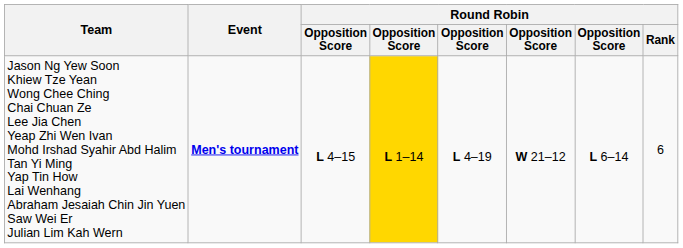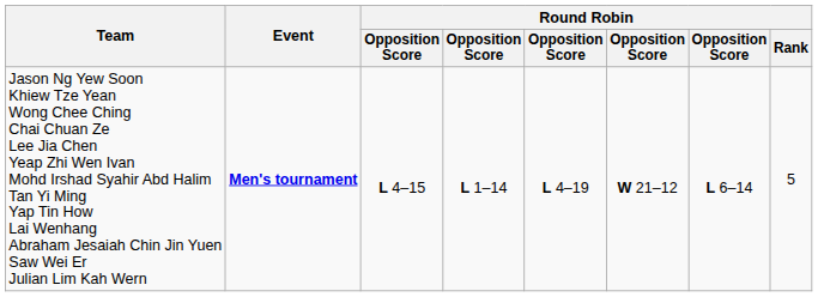 <table class="wikitable" style="font-size:90%">
 <tr>
 <th rowspan=2>Team</th>
 <th rowspan=2>Event</th>
 <th colspan=6>Round Robin</th>
 </tr>
 <tr style="font-size:95%">
 <th>Opposition<br>Score</th>
 <th>Opposition<br>Score</th>
 <th>Opposition<br>Score</th>
 <th>Opposition<br>Score</th>
 <th>Opposition<br>Score</th>
 <th>Rank</th>
 </tr>
 <tr align=center>
 <td align=left>Jason Ng Yew Soon<br>Khiew Tze Yean<br>Wong Chee Ching<br>Chai Chuan Ze<br>Lee Jia Chen<br>Yeap Zhi Wen Ivan<br>Mohd Irshad Syahir Abd Halim<br>Tan Yi Ming<br>Yap Tin How<br>Lai Wenhang<br>Abraham Jesaiah Chin Jin Yuen<br>Saw Wei Er<br>Julian Lim Kah Wern</td>
 <td align=left><strong><a href='#'>Men's tournament</a></strong></td>
 <td><br><strong>L</strong> 4–15</td>
-<td style="background: gold;"><br><strong>L</strong> 1–14</td>
+<td><br><strong>L</strong> 1–14</td>
 <td><br><strong>L</strong> 4–19</td>
 <td><br><strong>W</strong> 21–12</td>
 <td><br><strong>L</strong> 6–14</td>
-<td>6</td>
+<td>5</td>
 </tr>
 </table>
